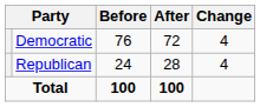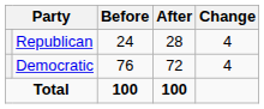 <table class="wikitable" style="text-align:center;">
 <tr>
 <th colspan="2">Party</th>
 <th>Before</th>
 <th>After</th>
 <th>Change</th>
 </tr>
 <tr>
 <th style="background-color:"></th>
-<td style="text-align:left;"><a href='#'>Democratic</a></td>
-<td>76</td>
-<td>72</td>
+<td style="text-align:left;"><a href='#'>Republican</a></td>
+<td>24</td>
+<td>28</td>
 <td> 4</td>
 </tr>
 <tr>
 <th style="background-color:"></th>
-<td style="text-align:left;"><a href='#'>Republican</a></td>
-<td>24</td>
-<td>28</td>
+<td style="text-align:left;"><a href='#'>Democratic</a></td>
+<td>76</td>
+<td>72</td>
 <td> 4</td>
 </tr>
 <tr>
 <td colspan="2"><strong>Total</strong></td>
 <td><strong>100</strong></td>
 <td><strong>100</strong></td>
 <td></td>
 </tr>
 </table>
